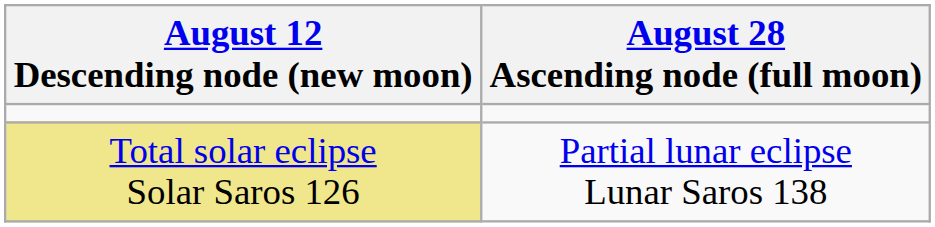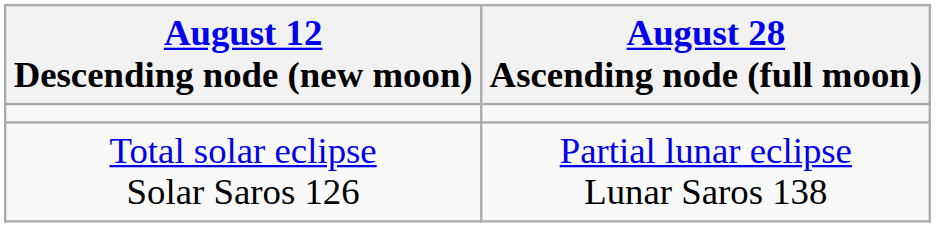 <table class="wikitable">
 <tr>
 <th><a href='#'>August 12</a><br>Descending node (new moon)<br></th>
 <th><a href='#'>August 28</a><br>Ascending node (full moon)<br></th>
 </tr>
 <tr>
 <td></td>
 <td></td>
 </tr>
 <tr align=center>
-<td style="background: khaki;"><a href='#'>Total solar eclipse</a><br>Solar Saros 126</td>
+<td><a href='#'>Total solar eclipse</a><br>Solar Saros 126</td>
 <td><a href='#'>Partial lunar eclipse</a><br>Lunar Saros 138</td>
 </tr>
 </table>
